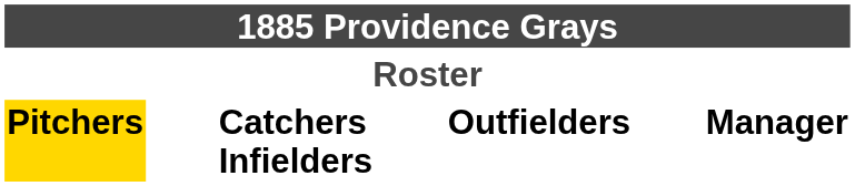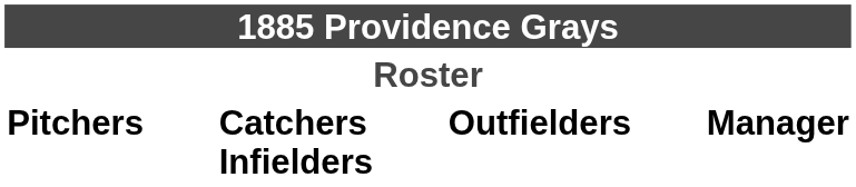 <table class="toccolours" style="font-size: 95%;">
 <tr>
 <th colspan="10" style="background-color: #464646; color: white; text-align: center;">1885 Providence Grays</th>
 </tr>
 <tr>
 <td colspan="10" style="background-color: white; color: #464646; text-align: center;"><strong>Roster</strong></td>
 </tr>
 <tr>
-<td valign="top" style="background: gold;"><strong>Pitchers</strong><br>         </td>
+<td valign="top"><strong>Pitchers</strong><br>         </td>
 <td width="25px"></td>
 <td valign="top"><strong>Catchers</strong><br>   <strong>Infielders</strong>        </td>
 <td width="25px"></td>
 <td valign="top"><strong>Outfielders</strong><br>    </td>
 <td width="25px"></td>
 <td valign="top"><strong>Manager</strong><br></td>
 </tr>
 </table>
